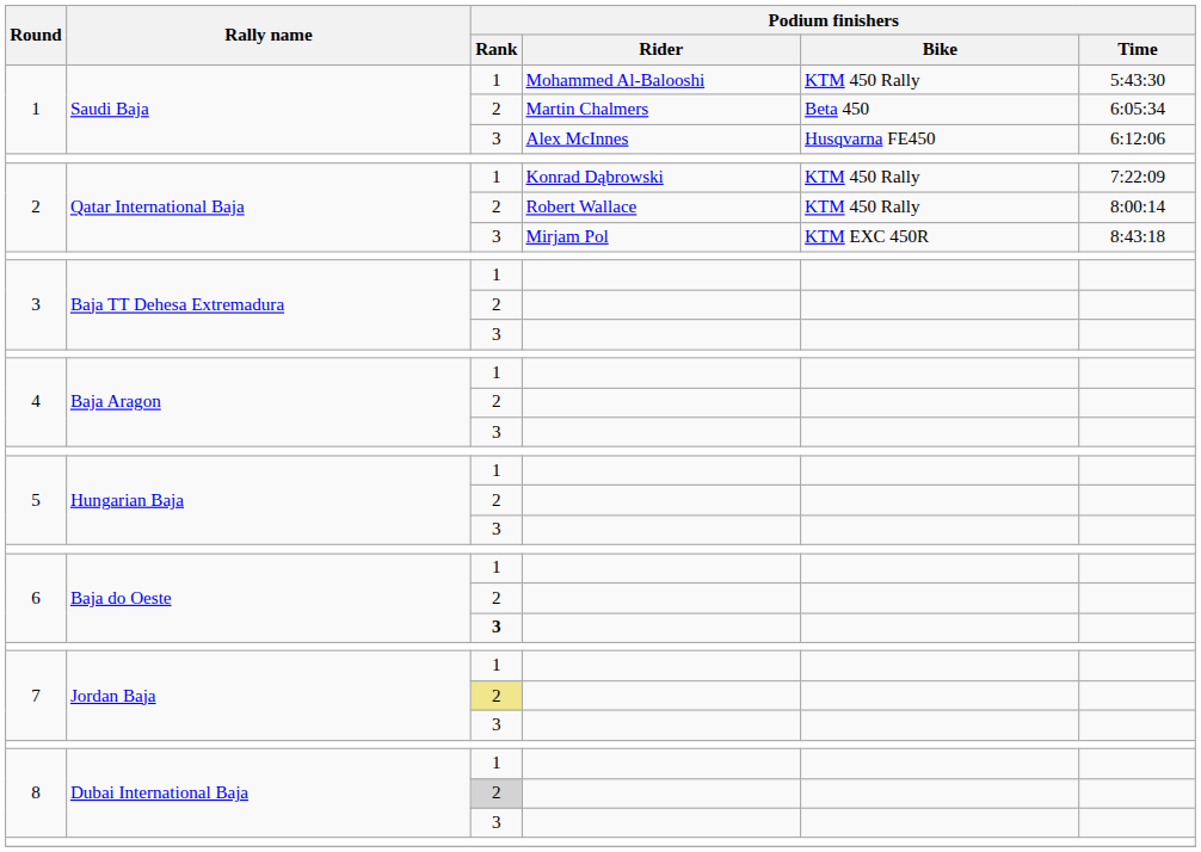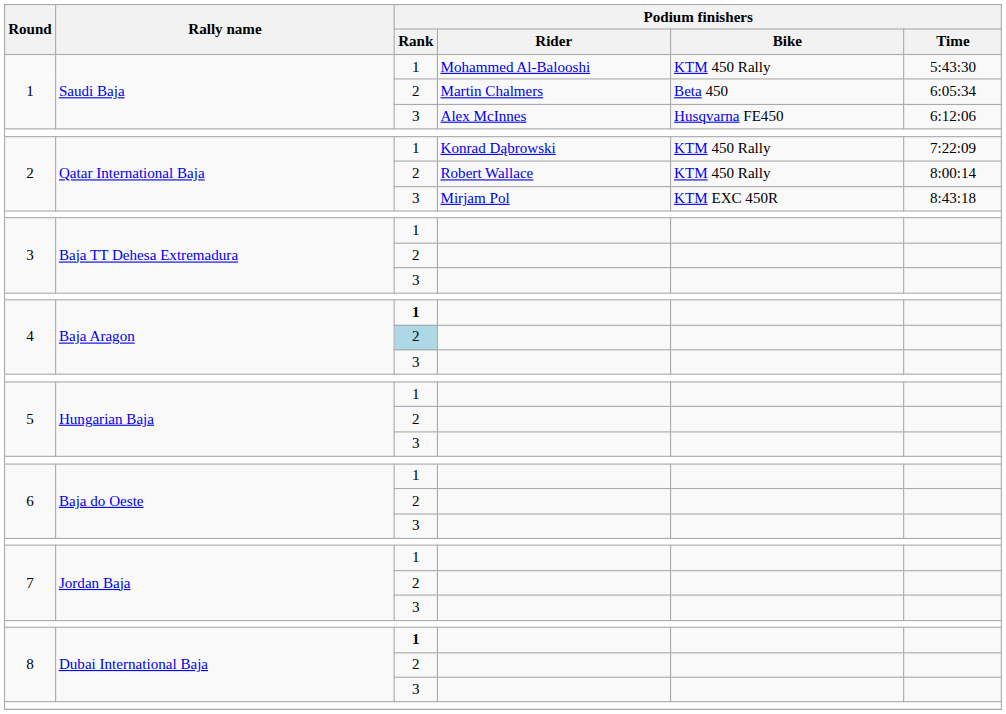 <table class="wikitable" style="font-size:85%;">
 <tr>
 <th rowspan=2>Round</th>
 <th style="width:22em" rowspan=2>Rally name</th>
 <th colspan=4>Podium finishers</th>
 </tr>
 <tr>
 <th>Rank</th>
 <th style="width:15em">Rider</th>
 <th style="width:15em">Bike</th>
 <th style="width:6em">Time</th>
 </tr>
 <tr>
 <td rowspan=3 align=center>1</td>
 <td rowspan=3> <a href='#'>Saudi Baja</a></td>
 <td align=center>1</td>
 <td> <a href='#'>Mohammed Al-Balooshi</a></td>
 <td><a href='#'>KTM</a> 450 Rally</td>
 <td align=center>5:43:30</td>
 </tr>
 <tr>
 <td align=center>2</td>
 <td> <a href='#'>Martin Chalmers</a></td>
 <td><a href='#'>Beta</a> 450</td>
 <td align=center>6:05:34</td>
 </tr>
 <tr>
 <td align=center>3</td>
 <td> <a href='#'>Alex McInnes</a></td>
 <td><a href='#'>Husqvarna</a> FE450</td>
 <td align=center>6:12:06</td>
 </tr>
 <tr style="background:white;">
 <td colspan="6"></td>
 </tr>
 <tr>
 <td rowspan=3 align=center>2</td>
 <td rowspan=3> <a href='#'>Qatar International Baja</a></td>
 <td align=center>1</td>
 <td> <a href='#'>Konrad Dąbrowski</a></td>
 <td><a href='#'>KTM</a> 450 Rally</td>
 <td align=center>7:22:09</td>
 </tr>
 <tr>
 <td align=center>2</td>
 <td> <a href='#'>Robert Wallace</a></td>
 <td><a href='#'>KTM</a> 450 Rally</td>
 <td align=center>8:00:14</td>
 </tr>
 <tr>
 <td align=center>3</td>
 <td> <a href='#'>Mirjam Pol</a></td>
 <td><a href='#'>KTM</a> EXC 450R</td>
 <td align=center>8:43:18</td>
 </tr>
 <tr style="background:white;">
 <td colspan="6"></td>
 </tr>
 <tr>
 <td rowspan=3 align=center>3</td>
 <td rowspan=3> <a href='#'>Baja TT Dehesa Extremadura</a></td>
 <td align=center>1</td>
 <td></td>
 <td></td>
 <td align=center></td>
 </tr>
 <tr>
 <td align=center>2</td>
 <td></td>
 <td></td>
 <td align=center></td>
 </tr>
 <tr>
 <td align=center>3</td>
 <td></td>
 <td></td>
 <td align=center></td>
 </tr>
 <tr style="background:white;">
 <td colspan="6"></td>
 </tr>
 <tr>
 <td rowspan=3 align=center>4</td>
 <td rowspan=3> <a href='#'>Baja Aragon</a></td>
-<td align=center>1</td>
+<td align=center><strong>1</strong></td>
 <td></td>
 <td></td>
 <td align=center></td>
 </tr>
 <tr>
-<td align=center>2</td>
+<td align=center style="background: lightblue;">2</td>
 <td></td>
 <td></td>
 <td align=center></td>
 </tr>
 <tr>
 <td align=center>3</td>
 <td></td>
 <td></td>
 <td align=center></td>
 </tr>
 <tr style="background:white;">
 <td colspan="6"></td>
 </tr>
 <tr>
 <td rowspan=3 align=center>5</td>
 <td rowspan=3> <a href='#'>Hungarian Baja</a></td>
 <td align=center>1</td>
 <td></td>
 <td></td>
 <td align=center></td>
 </tr>
 <tr>
 <td align=center>2</td>
 <td></td>
 <td></td>
 <td align=center></td>
 </tr>
 <tr>
 <td align=center>3</td>
 <td></td>
 <td></td>
 <td align=center></td>
 </tr>
 <tr style="background:white;">
 <td colspan="6"></td>
 </tr>
 <tr>
 <td rowspan=3 align=center>6</td>
 <td rowspan=3> <a href='#'>Baja do Oeste</a></td>
 <td align=center>1</td>
 <td></td>
 <td></td>
 <td align=center></td>
 </tr>
 <tr>
 <td align=center>2</td>
 <td></td>
 <td></td>
 <td align=center></td>
 </tr>
 <tr>
-<td align=center><strong>3</strong></td>
+<td align=center>3</td>
 <td></td>
 <td></td>
 <td align=center></td>
 </tr>
 <tr style="background:white;">
 <td colspan="6"></td>
 </tr>
 <tr>
 <td rowspan=3 align=center>7</td>
 <td rowspan=3> <a href='#'>Jordan Baja</a></td>
 <td align=center>1</td>
 <td></td>
 <td></td>
 <td align=center></td>
 </tr>
 <tr>
-<td align=center style="background: khaki;">2</td>
+<td align=center>2</td>
 <td></td>
 <td></td>
 <td align=center></td>
 </tr>
 <tr>
 <td align=center>3</td>
 <td></td>
 <td></td>
 <td align=center></td>
 </tr>
 <tr style="background:white;">
 <td colspan="6"></td>
 </tr>
 <tr>
 <td rowspan=3 align=center>8</td>
 <td rowspan=3> <a href='#'>Dubai International Baja</a></td>
-<td align=center>1</td>
+<td align=center><strong>1</strong></td>
 <td></td>
 <td></td>
 <td align=center></td>
 </tr>
 <tr>
-<td align=center style="background: lightgrey;">2</td>
+<td align=center>2</td>
 <td></td>
 <td></td>
 <td align=center></td>
 </tr>
 <tr>
 <td align=center>3</td>
 <td></td>
 <td></td>
 <td align=center></td>
 </tr>
 <tr style="background:white;">
 <td colspan="6"></td>
 </tr>
 <tr>
 </tr>
 </table>
